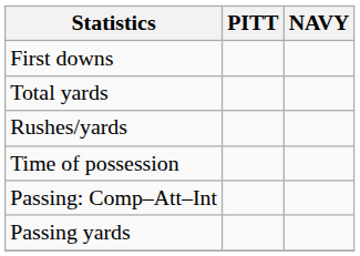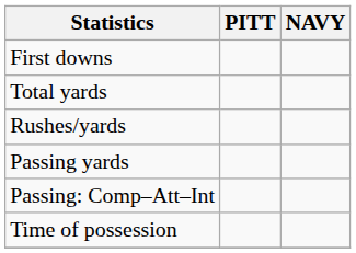 <table class="wikitable" style="float: left;">
 <tr>
 <th>Statistics</th>
 <th>PITT</th>
 <th>NAVY</th>
 </tr>
 <tr>
 <td>First downs</td>
 <td></td>
 <td></td>
 </tr>
 <tr>
 <td>Total yards</td>
 <td></td>
 <td></td>
 </tr>
 <tr>
 <td>Rushes/yards</td>
 <td></td>
 <td></td>
 </tr>
 <tr>
-<td>Time of possession</td>
+<td>Passing yards</td>
 <td></td>
 <td></td>
 </tr>
 <tr>
 <td>Passing: Comp–Att–Int</td>
 <td></td>
 <td></td>
 </tr>
 <tr>
-<td>Passing yards</td>
+<td>Time of possession</td>
 <td></td>
 <td></td>
 </tr>
 <tr>
 </tr>
 </table>
